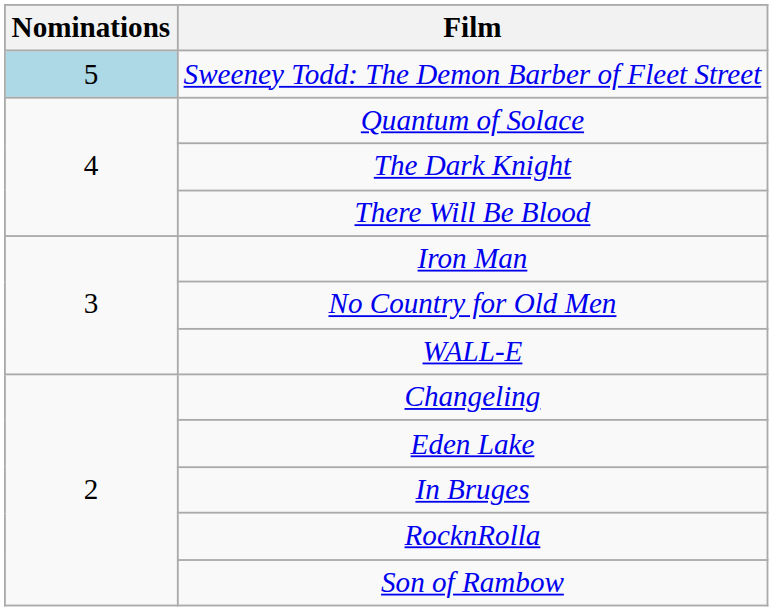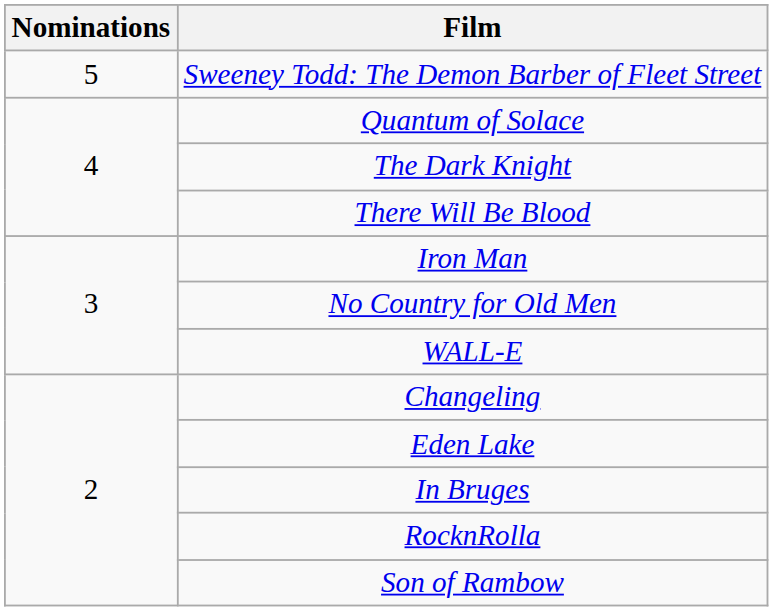 <table class="wikitable" style="text-align: center">
 <tr>
 <th scope="col" width="55">Nominations</th>
 <th scope="col">Film</th>
 </tr>
 <tr>
-<td style="background: lightblue;">5</td>
+<td>5</td>
 <td><em><a href='#'>Sweeney Todd: The Demon Barber of Fleet Street</a></em></td>
 </tr>
 <tr>
 <td rowspan=3>4</td>
 <td><em><a href='#'>Quantum of Solace</a></em></td>
 </tr>
 <tr>
 <td><em><a href='#'>The Dark Knight</a></em></td>
 </tr>
 <tr>
 <td><em><a href='#'>There Will Be Blood</a></em></td>
 </tr>
 <tr>
 <td rowspan=3>3</td>
 <td><em><a href='#'>Iron Man</a></em></td>
 </tr>
 <tr>
 <td><em><a href='#'>No Country for Old Men</a></em></td>
 </tr>
 <tr>
 <td><em><a href='#'>WALL-E</a></em></td>
 </tr>
 <tr>
 <td rowspan=5>2</td>
 <td><em><a href='#'>Changeling</a></em></td>
 </tr>
 <tr>
 <td><em><a href='#'>Eden Lake</a></em></td>
 </tr>
 <tr>
 <td><em><a href='#'>In Bruges</a></em></td>
 </tr>
 <tr>
 <td><em><a href='#'>RocknRolla</a></em></td>
 </tr>
 <tr>
 <td><em><a href='#'>Son of Rambow</a></em></td>
 </tr>
 </table>
